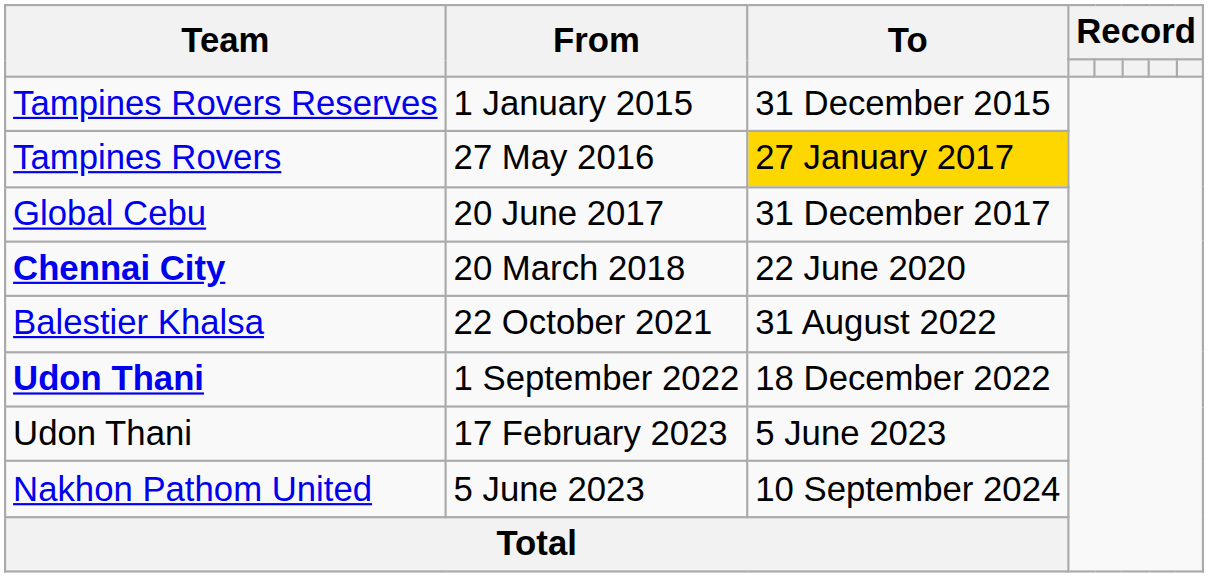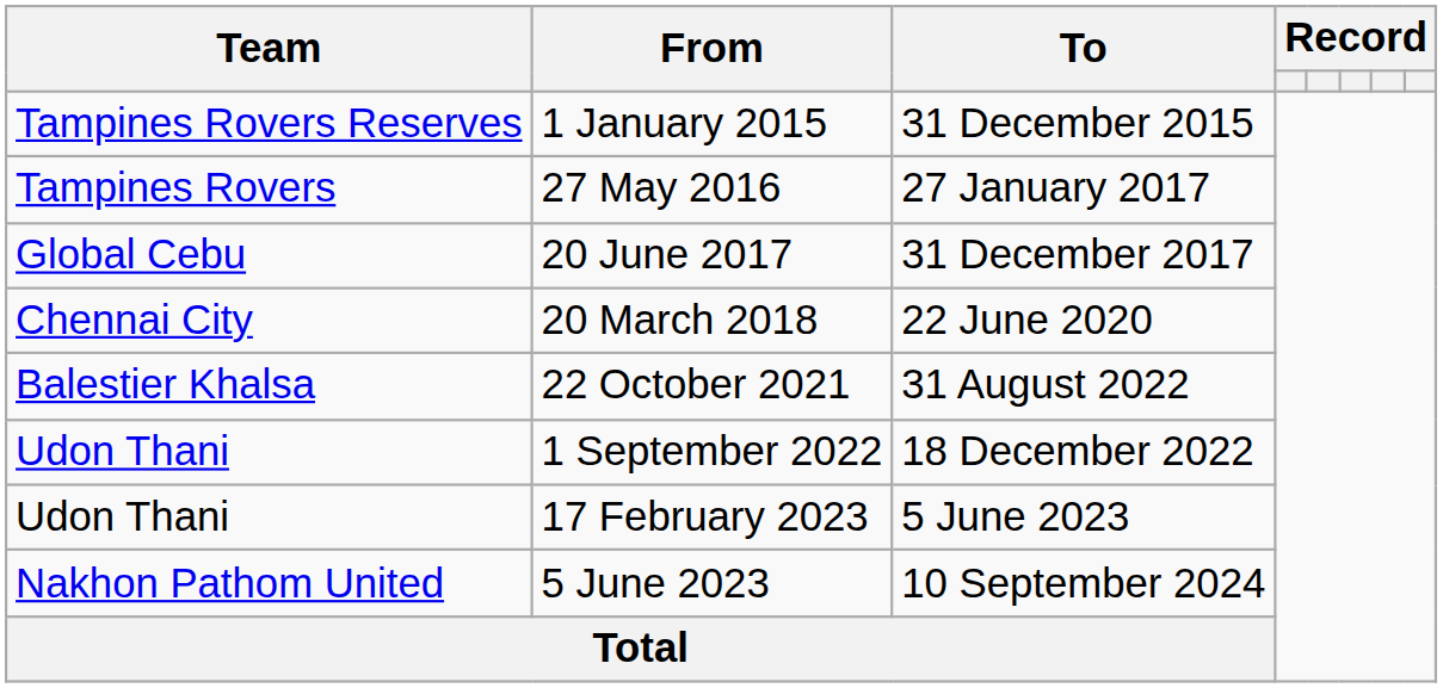 <table class="wikitable" style="text-align: center;">
 <tr>
 <th rowspan="2">Team</th>
 <th rowspan="2">From</th>
 <th rowspan="2">To</th>
 <th colspan="5">Record</th>
 </tr>
 <tr>
 <th></th>
 <th></th>
 <th></th>
 <th></th>
 <th></th>
 </tr>
 <tr>
 <td align="left"><a href='#'>Tampines Rovers Reserves</a></td>
 <td align="left">1 January 2015</td>
 <td align="left">31 December 2015<br></td>
 </tr>
 <tr>
 <td align="left"><a href='#'>Tampines Rovers</a></td>
 <td align="left">27 May 2016</td>
-<td align="left" style="background: gold;">27 January 2017<br></td>
+<td align="left">27 January 2017<br></td>
 </tr>
 <tr>
 <td align="left"><a href='#'>Global Cebu</a></td>
 <td align="left">20 June 2017</td>
 <td align="left">31 December 2017<br></td>
 </tr>
 <tr>
-<td align="left"><strong><a href='#'>Chennai City</a></strong></td>
+<td align="left"><a href='#'>Chennai City</a></td>
 <td align="left">20 March 2018</td>
 <td align="left">22 June 2020<br></td>
 </tr>
 <tr>
 <td align="left"><a href='#'>Balestier Khalsa</a></td>
 <td align="left">22 October 2021</td>
 <td align="left">31 August 2022<br></td>
 </tr>
 <tr>
-<td align="left"><strong><a href='#'>Udon Thani</a></strong></td>
+<td align="left"><a href='#'>Udon Thani</a></td>
 <td align="left">1 September 2022</td>
 <td align="left">18 December 2022<br></td>
 </tr>
 <tr>
 <td align="left">Udon Thani</td>
 <td align="left">17 February 2023</td>
 <td align="left">5 June 2023<br></td>
 </tr>
 <tr>
 <td align="left"><a href='#'>Nakhon Pathom United</a></td>
 <td align="left">5 June 2023</td>
 <td align="left">10 September 2024<br></td>
 </tr>
 <tr>
 <th colspan=3>Total<br></th>
 </tr>
 </table>
